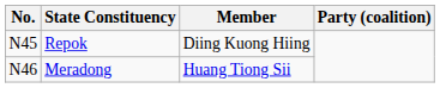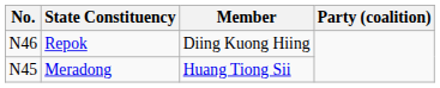 <table class="wikitable">
 <tr>
 <th>No.</th>
 <th>State Constituency</th>
 <th>Member</th>
 <th>Party (coalition)</th>
 </tr>
 <tr>
-<td>N45</td>
+<td>N46</td>
 <td><a href='#'>Repok</a></td>
 <td>Diing Kuong Hiing</td>
 <td rowspan="2"></td>
 </tr>
 <tr>
-<td>N46</td>
+<td>N45</td>
 <td><a href='#'>Meradong</a></td>
 <td><a href='#'>Huang Tiong Sii</a></td>
 </tr>
 </table>
